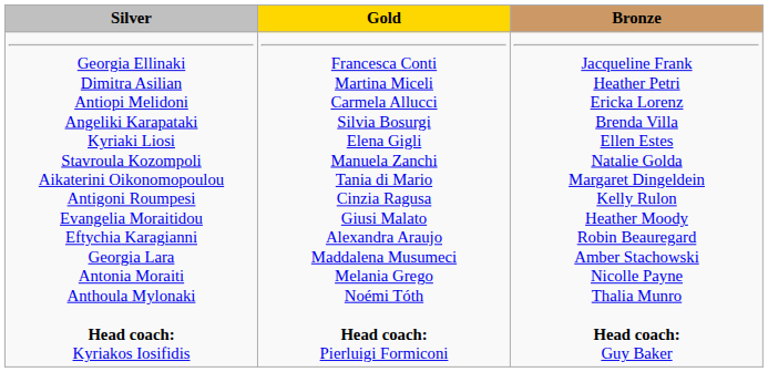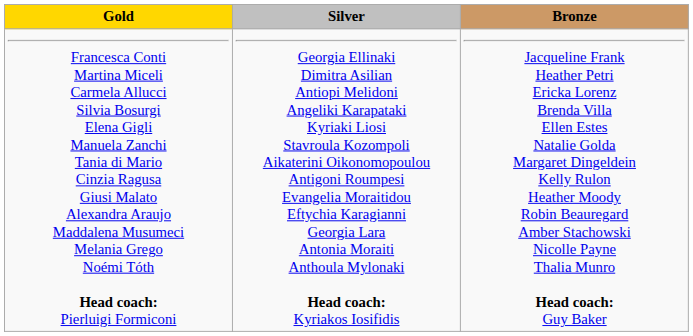 <table class="wikitable" style="font-size:95%; text-align:center;">
 <tr>
+<td style="width: 15em" bgcolor="gold"><strong>Gold</strong></td>
 <td style="width: 15em" bgcolor="silver"><strong>Silver</strong></td>
-<td style="width: 15em" bgcolor="gold"><strong>Gold</strong></td>
 <td style="width: 15em" bgcolor="CC9966"><strong>Bronze</strong></td>
 </tr>
 <tr valign="top">
+<td><hr><a href='#'>Francesca Conti</a><br><a href='#'>Martina Miceli</a><br><a href='#'>Carmela Allucci</a><br><a href='#'>Silvia Bosurgi</a><br><a href='#'>Elena Gigli</a><br><a href='#'>Manuela Zanchi</a><br><a href='#'>Tania di Mario</a><br><a href='#'>Cinzia Ragusa</a><br><a href='#'>Giusi Malato</a><br><a href='#'>Alexandra Araujo</a><br><a href='#'>Maddalena Musumeci</a><br><a href='#'>Melania Grego</a><br><a href='#'>Noémi Tóth</a><br><br><strong>Head coach:</strong><br><a href='#'>Pierluigi Formiconi</a></td>
 <td><hr><a href='#'>Georgia Ellinaki</a><br><a href='#'>Dimitra Asilian</a><br><a href='#'>Antiopi Melidoni</a><br><a href='#'>Angeliki Karapataki</a><br><a href='#'>Kyriaki Liosi</a><br><a href='#'>Stavroula Kozompoli</a><br><a href='#'>Aikaterini Oikonomopoulou</a><br><a href='#'>Antigoni Roumpesi</a><br><a href='#'>Evangelia Moraitidou</a><br><a href='#'>Eftychia Karagianni</a><br><a href='#'>Georgia Lara</a><br><a href='#'>Antonia Moraiti</a><br><a href='#'>Anthoula Mylonaki</a><br><br><strong>Head coach:</strong><br><a href='#'>Kyriakos Iosifidis</a></td>
-<td><hr><a href='#'>Francesca Conti</a><br><a href='#'>Martina Miceli</a><br><a href='#'>Carmela Allucci</a><br><a href='#'>Silvia Bosurgi</a><br><a href='#'>Elena Gigli</a><br><a href='#'>Manuela Zanchi</a><br><a href='#'>Tania di Mario</a><br><a href='#'>Cinzia Ragusa</a><br><a href='#'>Giusi Malato</a><br><a href='#'>Alexandra Araujo</a><br><a href='#'>Maddalena Musumeci</a><br><a href='#'>Melania Grego</a><br><a href='#'>Noémi Tóth</a><br><br><strong>Head coach:</strong><br><a href='#'>Pierluigi Formiconi</a></td>
 <td><hr><a href='#'>Jacqueline Frank</a><br><a href='#'>Heather Petri</a><br><a href='#'>Ericka Lorenz</a><br><a href='#'>Brenda Villa</a><br><a href='#'>Ellen Estes</a><br><a href='#'>Natalie Golda</a><br><a href='#'>Margaret Dingeldein</a><br><a href='#'>Kelly Rulon</a><br><a href='#'>Heather Moody</a><br><a href='#'>Robin Beauregard</a><br><a href='#'>Amber Stachowski</a><br><a href='#'>Nicolle Payne</a><br><a href='#'>Thalia Munro</a><br><br><strong>Head coach:</strong><br><a href='#'>Guy Baker</a></td>
 </tr>
 </table>
